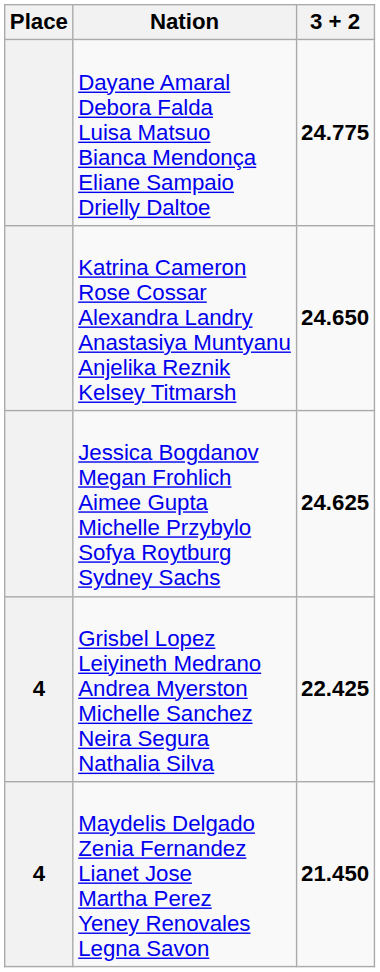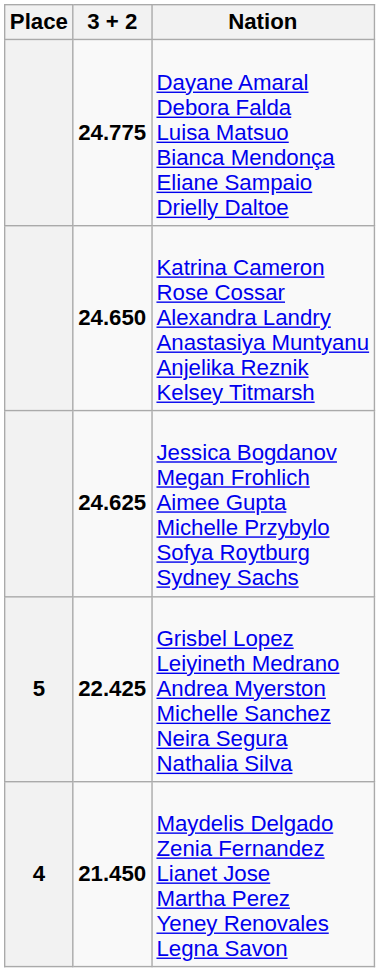 <table class="wikitable sortable" style="text-align:center">
 <tr>
 <th scope=col>Place</th>
+<th scope=col>3  + 2 </th>
 <th scope=col>Nation</th>
-<th scope=col>3  + 2 </th>
 </tr>
 <tr>
 <th scope=row></th>
+<td><strong>24.775</strong></td>
 <td align=left><br><a href='#'>Dayane Amaral</a><br><a href='#'>Debora Falda</a><br><a href='#'>Luisa Matsuo</a><br><a href='#'>Bianca Mendonça</a><br><a href='#'>Eliane Sampaio</a><br><a href='#'>Drielly Daltoe</a></td>
-<td><strong>24.775</strong></td>
 </tr>
 <tr>
 <th scope=row></th>
+<td><strong>24.650</strong></td>
 <td align=left><br><a href='#'>Katrina Cameron</a><br><a href='#'>Rose Cossar</a><br><a href='#'>Alexandra Landry</a><br><a href='#'>Anastasiya Muntyanu</a><br><a href='#'>Anjelika Reznik</a><br><a href='#'>Kelsey Titmarsh</a></td>
-<td><strong>24.650</strong></td>
 </tr>
 <tr>
 <th scope=row></th>
+<td><strong>24.625</strong></td>
 <td align=left><br><a href='#'>Jessica Bogdanov</a><br><a href='#'>Megan Frohlich</a><br><a href='#'>Aimee Gupta</a><br><a href='#'>Michelle Przybylo</a><br><a href='#'>Sofya Roytburg</a><br><a href='#'>Sydney Sachs</a></td>
-<td><strong>24.625</strong></td>
+</tr>
+<tr>
+<th scope=row>5</th>
+<td><strong>22.425</strong></td>
+<td align=left><br><a href='#'>Grisbel Lopez</a><br><a href='#'>Leiyineth Medrano</a><br><a href='#'>Andrea Myerston</a><br><a href='#'>Michelle Sanchez</a><br><a href='#'>Neira Segura</a><br><a href='#'>Nathalia Silva</a></td>
 </tr>
 <tr>
 <th scope=row>4</th>
-<td align=left><br><a href='#'>Grisbel Lopez</a><br><a href='#'>Leiyineth Medrano</a><br><a href='#'>Andrea Myerston</a><br><a href='#'>Michelle Sanchez</a><br><a href='#'>Neira Segura</a><br><a href='#'>Nathalia Silva</a></td>
-<td><strong>22.425</strong></td>
-</tr>
-<tr>
-<th scope=row>4</th>
+<td><strong>21.450</strong></td>
 <td align=left><br><a href='#'>Maydelis Delgado</a><br><a href='#'>Zenia Fernandez</a><br><a href='#'>Lianet Jose</a><br><a href='#'>Martha Perez</a><br><a href='#'>Yeney Renovales</a><br><a href='#'>Legna Savon</a></td>
-<td><strong>21.450</strong></td>
 </tr>
 </table>
